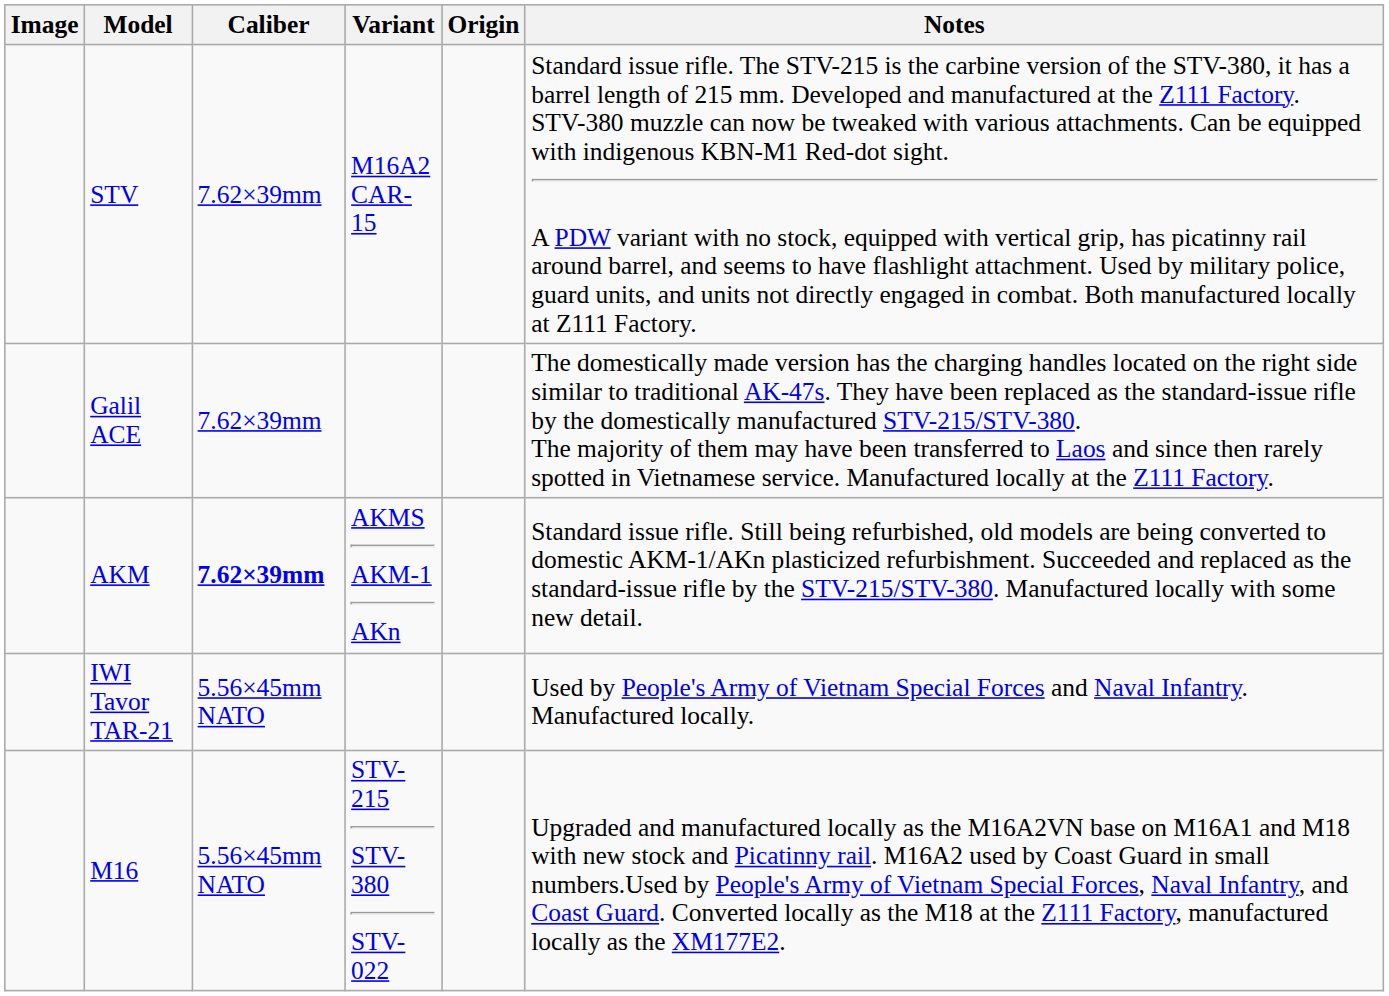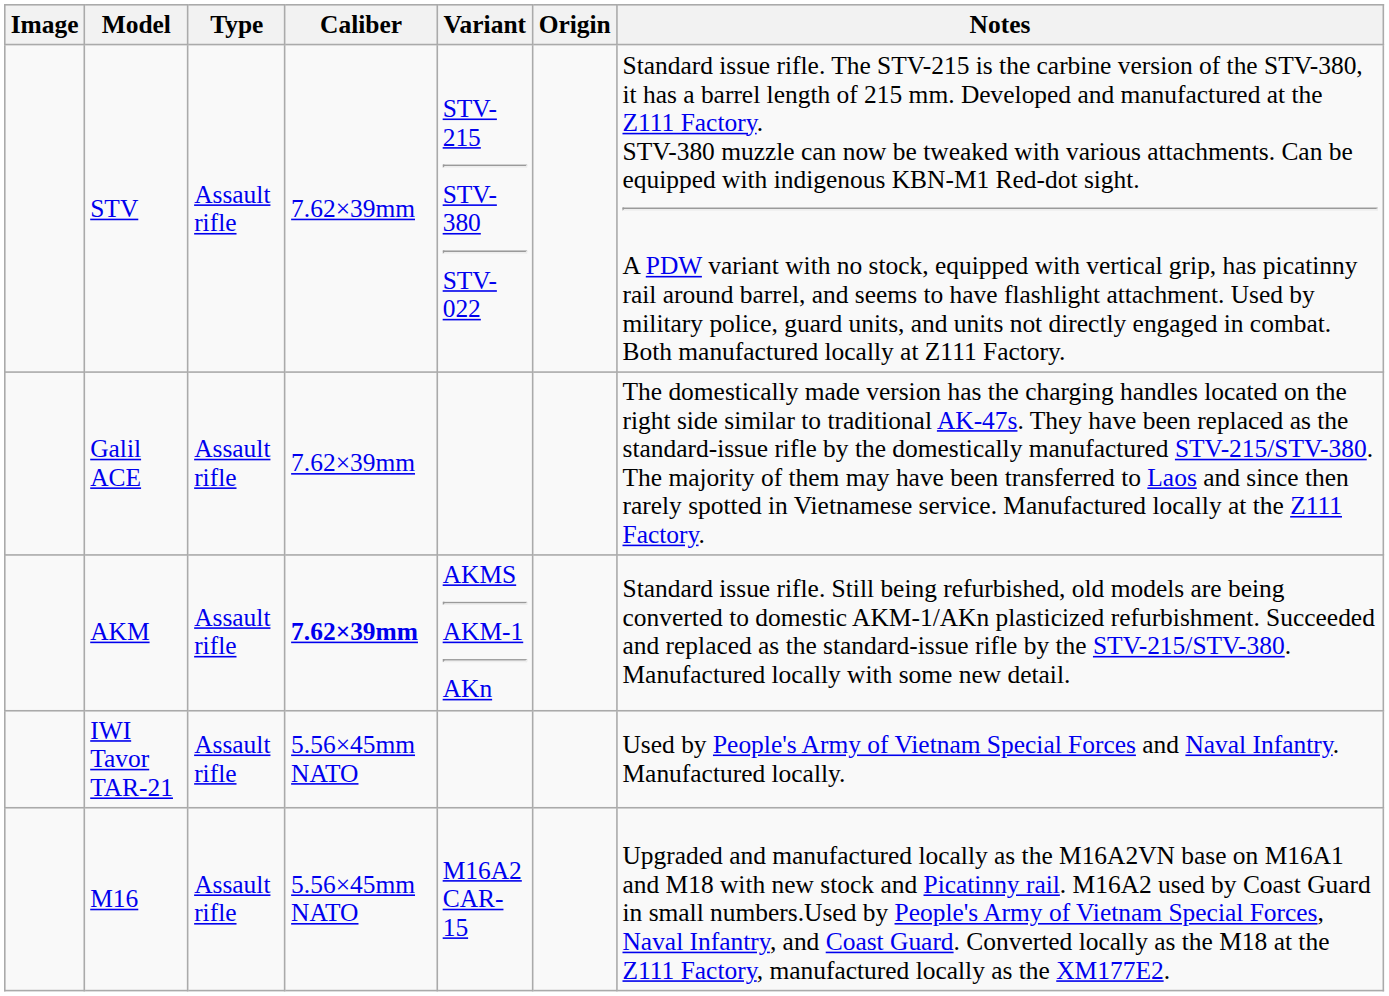 <table class="wikitable">
 <tr>
 <th>Image</th>
 <th>Model</th>
+<th>Type</th>
 <th>Caliber</th>
 <th>Variant</th>
 <th>Origin</th>
 <th>Notes</th>
 </tr>
 <tr>
 <td><br><br></td>
 <td><a href='#'>STV</a></td>
+<td><a href='#'>Assault rifle</a></td>
 <td><a href='#'>7.62×39mm</a></td>
-<td><a href='#'>M16A2</a><br><a href='#'>CAR-15</a></td>
+<td><a href='#'>STV-215</a> <hr> <a href='#'>STV-380</a> <hr> <a href='#'>STV-022</a></td>
 <td></td>
 <td>Standard issue rifle. The STV-215 is the carbine version of the STV-380, it has a barrel length of 215 mm. Developed and manufactured at the <a href='#'>Z111 Factory</a>.<br>STV-380 muzzle can now be tweaked with various attachments. Can be equipped with indigenous KBN-M1 Red-dot sight. <hr><br>A <a href='#'>PDW</a> variant with no stock, equipped with vertical grip, has picatinny rail around barrel, and seems to have flashlight attachment. Used by military police, guard units, and units not directly engaged in combat. Both manufactured locally at Z111 Factory.</td>
 </tr>
 <tr>
 <td></td>
 <td><a href='#'>Galil ACE</a></td>
+<td><a href='#'>Assault rifle</a></td>
 <td><a href='#'>7.62×39mm</a></td>
 <td></td>
 <td><br></td>
 <td>The domestically made version has the charging handles located on the right side similar to traditional <a href='#'>AK-47s</a>. They have been replaced as the standard-issue rifle by the domestically manufactured <a href='#'>STV-215/STV-380</a>.<br>The majority of them may have been transferred to <a href='#'>Laos</a> and since then rarely spotted in Vietnamese service. Manufactured locally at the <a href='#'>Z111 Factory</a>.</td>
 </tr>
 <tr>
 <td></td>
 <td><a href='#'>AKM</a></td>
+<td><a href='#'>Assault rifle</a></td>
 <td><strong><a href='#'>7.62×39mm</a></strong></td>
 <td><a href='#'>AKMS</a> <hr> <a href='#'>AKM-1</a> <hr> <a href='#'>AKn</a></td>
 <td><br></td>
 <td>Standard issue rifle. Still being refurbished, old models are being converted to domestic AKM-1/AKn plasticized refurbishment. Succeeded and replaced as the standard-issue rifle by the <a href='#'>STV-215/STV-380</a>. Manufactured locally with some new detail.</td>
 </tr>
 <tr>
 <td></td>
 <td><a href='#'>IWI Tavor TAR-21</a></td>
+<td><a href='#'>Assault rifle</a></td>
 <td><a href='#'>5.56×45mm NATO</a></td>
 <td></td>
 <td><br></td>
 <td>Used by <a href='#'>People's Army of Vietnam Special Forces</a> and <a href='#'>Naval Infantry</a>. Manufactured locally.</td>
 </tr>
 <tr>
 <td><br></td>
 <td><a href='#'>M16</a></td>
+<td><a href='#'>Assault rifle</a></td>
 <td><a href='#'>5.56×45mm NATO</a></td>
-<td><a href='#'>STV-215</a> <hr> <a href='#'>STV-380</a> <hr> <a href='#'>STV-022</a></td>
+<td><a href='#'>M16A2</a><br><a href='#'>CAR-15</a></td>
 <td><br></td>
 <td><br>Upgraded and manufactured locally as the M16A2VN base on M16A1 and M18 with new stock and <a href='#'>Picatinny rail</a>. M16A2 used by Coast Guard in small numbers.Used by <a href='#'>People's Army of Vietnam Special Forces</a>, <a href='#'>Naval Infantry</a>, and <a href='#'>Coast Guard</a>. Converted locally as the M18 at the <a href='#'>Z111 Factory</a>, manufactured locally as the <a href='#'>XM177E2</a>.</td>
 </tr>
 </table>
